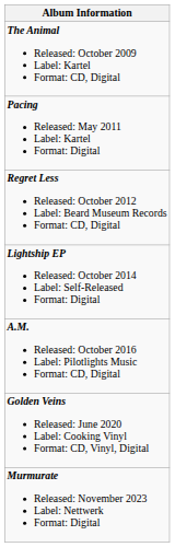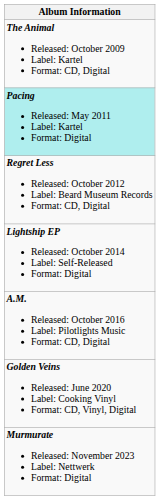 <table class="wikitable">
 <tr>
 <th>Album Information</th>
 </tr>
 <tr>
 <td><strong><em>The Animal</em></strong><br><ul><li>Released: October 2009</li><li>Label: Kartel</li><li>Format: CD, Digital</li></ul></td>
 </tr>
 <tr>
-<td><strong><em>Pacing</em></strong><br><ul><li>Released: May 2011</li><li>Label: Kartel</li><li>Format: Digital</li></ul></td>
+<td style="background: paleturquoise;"><strong><em>Pacing</em></strong><br><ul><li>Released: May 2011</li><li>Label: Kartel</li><li>Format: Digital</li></ul></td>
 </tr>
 <tr>
 <td><strong><em>Regret Less</em></strong><br><ul><li>Released: October 2012</li><li>Label: Beard Museum Records</li><li>Format: CD, Digital</li></ul></td>
 </tr>
 <tr>
 <td><strong><em>Lightship EP</em></strong><br><ul><li>Released: October 2014</li><li>Label: Self-Released</li><li>Format: Digital</li></ul></td>
 </tr>
 <tr>
 <td><strong><em>A.M.</em></strong><br><ul><li>Released: October 2016</li><li>Label: Pilotlights Music</li><li>Format: CD, Digital</li></ul></td>
 </tr>
 <tr>
 <td><strong><em>Golden Veins</em></strong><br><ul><li>Released: June 2020</li><li>Label: Cooking Vinyl</li><li>Format: CD, Vinyl, Digital</li></ul></td>
 </tr>
 <tr>
 <td><strong><em>Murmurate</em></strong><br><ul><li>Released: November 2023</li><li>Label: Nettwerk</li><li>Format: Digital</li></ul></td>
 </tr>
 </table>
